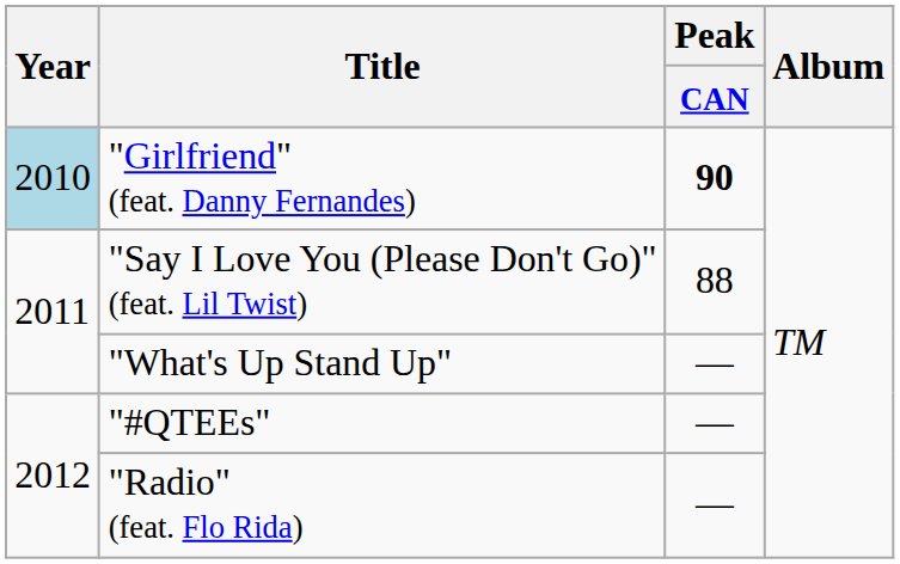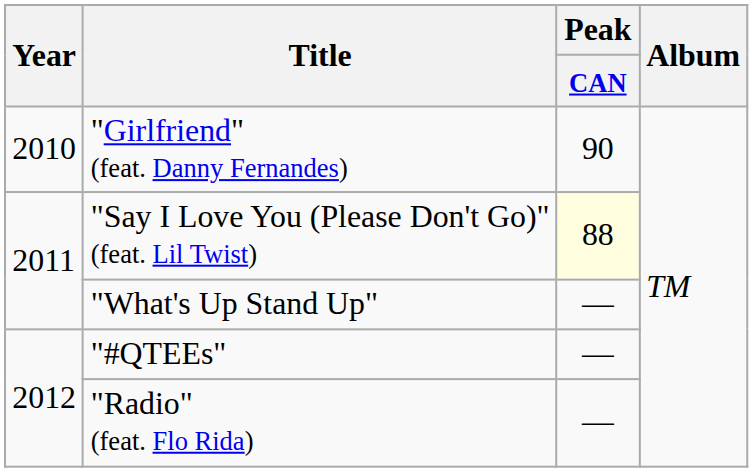 <table class="wikitable">
 <tr>
 <th rowspan="2">Year</th>
 <th rowspan="2">Title</th>
 <th>Peak</th>
 <th rowspan="2">Album</th>
 </tr>
 <tr>
 <th style="width:30px;"><small><a href='#'>CAN</a></small><br></th>
 </tr>
 <tr>
-<td style="background: lightblue;">2010</td>
+<td>2010</td>
 <td>"<a href='#'>Girlfriend</a>" <br><small>(feat. <a href='#'>Danny Fernandes</a>)</small></td>
-<td style="text-align:center;"><strong>90</strong></td>
+<td style="text-align:center;">90</td>
 <td style="text-align:left;" rowspan="5"><em>TM</em></td>
 </tr>
 <tr>
 <td rowspan="2">2011</td>
 <td>"Say I Love You (Please Don't Go)" <br><small>(feat. <a href='#'>Lil Twist</a>)</small></td>
-<td style="text-align:center;">88</td>
+<td style="background: lightyellow; text-align:center;">88</td>
 </tr>
 <tr>
 <td>"What's Up Stand Up"</td>
 <td style="text-align:center;">—</td>
 </tr>
 <tr>
 <td rowspan="2">2012</td>
 <td>"#QTEEs"</td>
 <td style="text-align:center;">—</td>
 </tr>
 <tr>
 <td>"Radio" <br><small>(feat. <a href='#'>Flo Rida</a>)</small></td>
 <td style="text-align:center;">—</td>
 </tr>
 </table>
